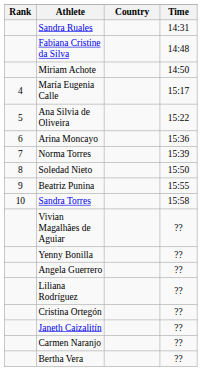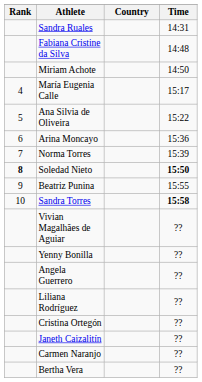 <table class="wikitable sortable" style=" text-align:center; font-size:95%;" width="50%">
 <tr>
 </tr>
 <tr>
 <th width=5%>Rank</th>
 <th width=20%>Athlete</th>
 <th width=15%>Country</th>
 <th width=10%>Time</th>
 </tr>
 <tr>
 <td align=center></td>
 <td align=left><a href='#'>Sandra Ruales</a></td>
 <td align=left></td>
 <td>14:31</td>
 </tr>
 <tr>
 <td align=center></td>
 <td align=left><a href='#'>Fabiana Cristine da Silva</a></td>
 <td align=left></td>
 <td>14:48</td>
 </tr>
 <tr>
 <td align=center></td>
 <td align=left>Miriam Achote</td>
 <td align=left></td>
 <td>14:50</td>
 </tr>
 <tr>
 <td align=center>4</td>
 <td align=left>María Eugenia Calle</td>
 <td align=left></td>
 <td>15:17</td>
 </tr>
 <tr>
 <td align=center>5</td>
 <td align=left>Ana Silvia de Oliveira</td>
 <td align=left></td>
 <td>15:22</td>
 </tr>
 <tr>
 <td align=center>6</td>
 <td align=left>Arina Moncayo</td>
 <td align=left></td>
 <td>15:36</td>
 </tr>
 <tr>
 <td align=center>7</td>
 <td align=left>Norma Torres</td>
 <td align=left></td>
 <td>15:39</td>
 </tr>
 <tr>
-<td align=center>8</td>
+<td align=center><strong>8</strong></td>
 <td align=left>Soledad Nieto</td>
 <td align=left></td>
-<td>15:50</td>
+<td><strong>15:50</strong></td>
 </tr>
 <tr>
 <td align=center>9</td>
 <td align=left>Beatriz Punina</td>
 <td align=left></td>
 <td>15:55</td>
 </tr>
 <tr>
 <td align=center>10</td>
 <td align=left><a href='#'>Sandra Torres</a></td>
 <td align=left></td>
-<td>15:58</td>
+<td><strong>15:58</strong></td>
 </tr>
 <tr>
 <td align=center></td>
 <td align=left>Vivian Magalhães de Aguiar</td>
 <td align=left></td>
 <td>??</td>
 </tr>
 <tr>
 <td align=center></td>
 <td align=left>Yenny Bonilla</td>
 <td align=left></td>
 <td>??</td>
 </tr>
 <tr>
 <td align=center></td>
 <td align=left>Angela Guerrero</td>
 <td align=left></td>
 <td>??</td>
 </tr>
 <tr>
 <td align=center></td>
 <td align=left>Liliana Rodríguez</td>
 <td align=left></td>
 <td>??</td>
 </tr>
 <tr>
 <td align=center></td>
 <td align=left>Cristina Ortegón</td>
 <td align=left></td>
 <td>??</td>
 </tr>
 <tr>
 <td align=center></td>
 <td align=left><a href='#'>Janeth Caizalitín</a></td>
 <td align=left></td>
 <td>??</td>
 </tr>
 <tr>
 <td align=center></td>
 <td align=left>Carmen Naranjo</td>
 <td align=left></td>
 <td>??</td>
 </tr>
 <tr>
 <td align=center></td>
 <td align=left>Bertha Vera</td>
 <td align=left></td>
 <td>??</td>
 </tr>
 </table>
